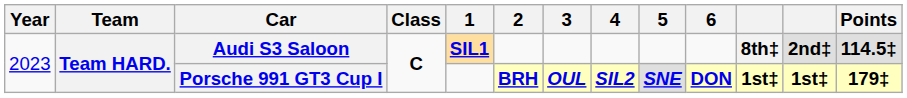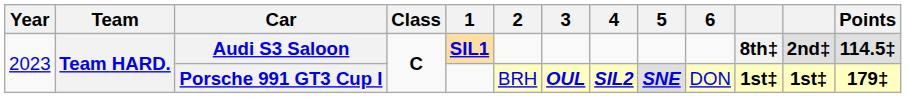 <table class="wikitable" style="text-align:center; font-size:85%">
 <tr>
 <th>Year</th>
 <th>Team</th>
 <th>Car</th>
 <th>Class</th>
 <th>1</th>
 <th>2</th>
 <th>3</th>
 <th>4</th>
 <th>5</th>
 <th>6</th>
 <th></th>
 <th></th>
 <th>Points</th>
 </tr>
 <tr>
 <td rowspan=2><a href='#'>2023</a></td>
 <th rowspan=2 nowrap><a href='#'>Team HARD.</a></th>
 <th nowrap><a href='#'>Audi S3 Saloon</a></th>
 <td rowspan=2 align="center"><strong><span>C</span></strong></td>
 <td style="background:#ffdf9f;"><strong><a href='#'>SIL1</a></strong><br></td>
 <td></td>
 <td></td>
 <td></td>
 <td></td>
 <td></td>
 <th>8th‡</th>
 <th style="background:#dfdfdf;">2nd‡</th>
 <th style="background:#dfdfdf;">114.5‡</th>
 </tr>
 <tr>
 <th nowrap><a href='#'>Porsche 991 GT3 Cup I</a></th>
 <td></td>
-<td style="background:#ffffbf;"><strong><a href='#'>BRH</a><br></strong></td>
+<td style="background:#ffffbf;"><a href='#'>BRH</a><br></td>
 <td style="background:#ffffbf;"><strong><em><a href='#'>OUL</a></em></strong><br></td>
 <td style="background:#ffffbf;"><strong><em><a href='#'>SIL2</a></em></strong><br></td>
 <td style="background:#dfdfdf;"><strong><em><a href='#'>SNE</a></em><br></strong></td>
-<td style="background:#ffffbf;"><strong><a href='#'>DON</a><br></strong></td>
+<td style="background:#ffffbf;"><a href='#'>DON</a><br></td>
 <th style="background:#ffffbf;">1st‡</th>
 <th style="background:#ffffbf;">1st‡</th>
 <th style="background:#ffffbf;">179‡</th>
 </tr>
 </table>
